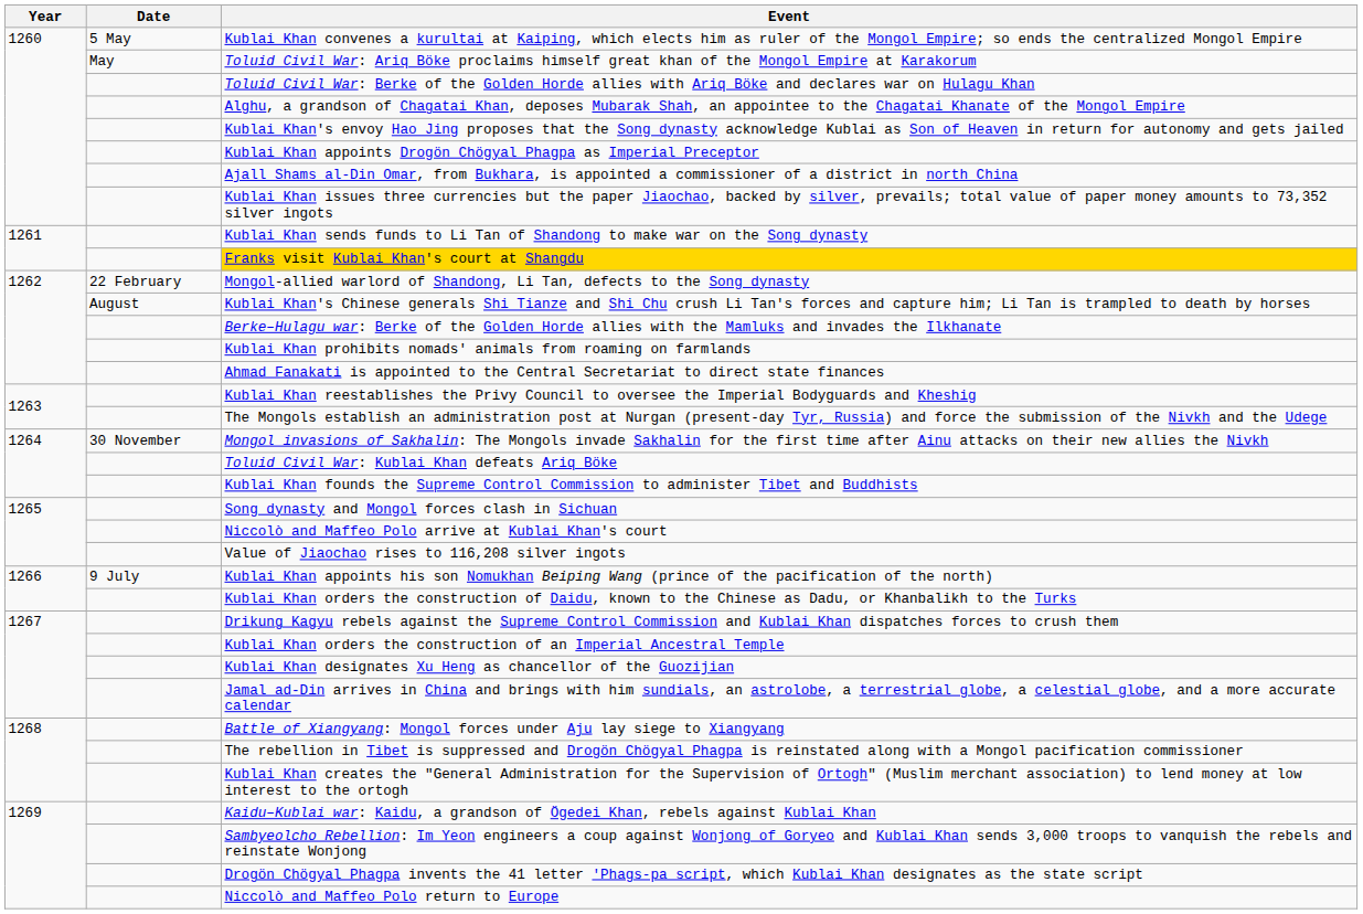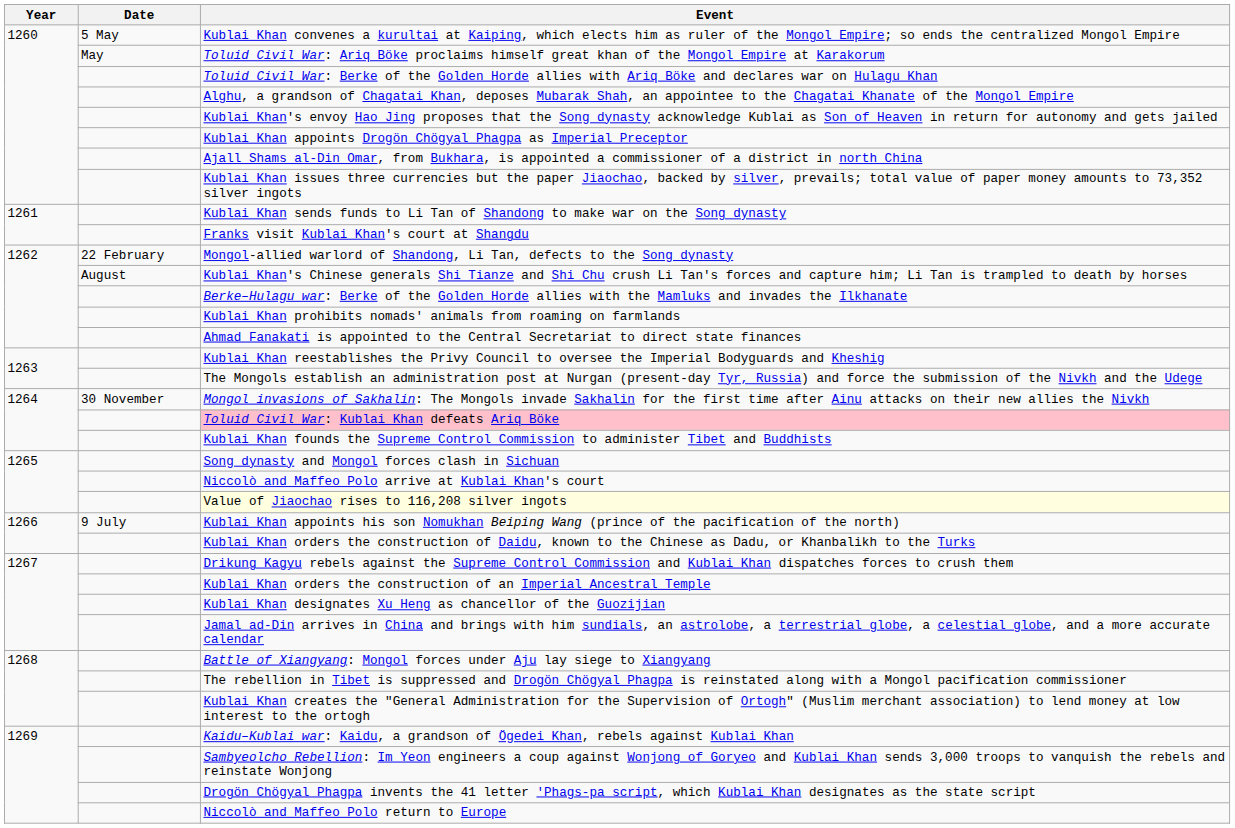 <table class="wikitable" style="width:100%;">
 <tr>
 <th style="width:6%">Year</th>
 <th style="width:10%">Date</th>
 <th>Event</th>
 </tr>
 <tr>
 <td rowspan="8" style="vertical-align:top;">1260</td>
 <td>5 May</td>
 <td><a href='#'>Kublai Khan</a> convenes a <a href='#'>kurultai</a> at <a href='#'>Kaiping</a>, which elects him as ruler of the <a href='#'>Mongol Empire</a>; so ends the centralized Mongol Empire</td>
 </tr>
 <tr>
 <td>May</td>
 <td><em><a href='#'>Toluid Civil War</a></em>: <a href='#'>Ariq Böke</a> proclaims himself great khan of the <a href='#'>Mongol Empire</a> at <a href='#'>Karakorum</a></td>
 </tr>
 <tr>
 <td></td>
 <td><em><a href='#'>Toluid Civil War</a></em>: <a href='#'>Berke</a> of the <a href='#'>Golden Horde</a> allies with <a href='#'>Ariq Böke</a> and declares war on <a href='#'>Hulagu Khan</a></td>
 </tr>
 <tr>
 <td></td>
 <td><a href='#'>Alghu</a>, a grandson of <a href='#'>Chagatai Khan</a>, deposes <a href='#'>Mubarak Shah</a>, an appointee to the <a href='#'>Chagatai Khanate</a> of the <a href='#'>Mongol Empire</a></td>
 </tr>
 <tr>
 <td></td>
 <td><a href='#'>Kublai Khan</a>'s envoy <a href='#'>Hao Jing</a> proposes that the <a href='#'>Song dynasty</a> acknowledge Kublai as <a href='#'>Son of Heaven</a> in return for autonomy and gets jailed</td>
 </tr>
 <tr>
 <td></td>
 <td><a href='#'>Kublai Khan</a> appoints <a href='#'>Drogön Chögyal Phagpa</a> as <a href='#'>Imperial Preceptor</a></td>
 </tr>
 <tr>
 <td></td>
 <td><a href='#'>Ajall Shams al-Din Omar</a>, from <a href='#'>Bukhara</a>, is appointed a commissioner of a district in <a href='#'>north China</a></td>
 </tr>
 <tr>
 <td></td>
 <td><a href='#'>Kublai Khan</a> issues three currencies but the paper <a href='#'>Jiaochao</a>, backed by <a href='#'>silver</a>, prevails; total value of paper money amounts to 73,352 silver ingots</td>
 </tr>
 <tr>
 <td rowspan="2" style="vertical-align:top;">1261</td>
 <td></td>
 <td><a href='#'>Kublai Khan</a> sends funds to Li Tan of <a href='#'>Shandong</a> to make war on the <a href='#'>Song dynasty</a></td>
 </tr>
 <tr>
 <td></td>
-<td style="background: gold;"><a href='#'>Franks</a> visit <a href='#'>Kublai Khan</a>'s court at <a href='#'>Shangdu</a></td>
+<td><a href='#'>Franks</a> visit <a href='#'>Kublai Khan</a>'s court at <a href='#'>Shangdu</a></td>
 </tr>
 <tr>
 <td rowspan="5" style="vertical-align:top;">1262</td>
 <td>22 February</td>
 <td><a href='#'>Mongol</a>-allied warlord of <a href='#'>Shandong</a>, Li Tan, defects to the <a href='#'>Song dynasty</a></td>
 </tr>
 <tr>
 <td>August</td>
 <td><a href='#'>Kublai Khan</a>'s Chinese generals <a href='#'>Shi Tianze</a> and <a href='#'>Shi Chu</a> crush Li Tan's forces and capture him; Li Tan is trampled to death by horses</td>
 </tr>
 <tr>
 <td></td>
 <td><em><a href='#'>Berke–Hulagu war</a></em>: <a href='#'>Berke</a> of the <a href='#'>Golden Horde</a> allies with the <a href='#'>Mamluks</a> and invades the <a href='#'>Ilkhanate</a></td>
 </tr>
 <tr>
 <td></td>
 <td><a href='#'>Kublai Khan</a> prohibits nomads' animals from roaming on farmlands</td>
 </tr>
 <tr>
 <td></td>
 <td><a href='#'>Ahmad Fanakati</a> is appointed to the Central Secretariat to direct state finances</td>
 </tr>
 <tr>
 <td rowspan="2">1263</td>
 <td></td>
 <td><a href='#'>Kublai Khan</a> reestablishes the Privy Council to oversee the Imperial Bodyguards and <a href='#'>Kheshig</a></td>
 </tr>
 <tr>
 <td></td>
 <td>The Mongols establish an administration post at Nurgan (present-day <a href='#'>Tyr, Russia</a>) and force the submission of the <a href='#'>Nivkh</a> and the <a href='#'>Udege</a></td>
 </tr>
 <tr>
 <td rowspan="3" style="vertical-align:top;">1264</td>
 <td>30 November</td>
 <td><em><a href='#'>Mongol invasions of Sakhalin</a></em>: The Mongols invade <a href='#'>Sakhalin</a> for the first time after <a href='#'>Ainu</a> attacks on their new allies the <a href='#'>Nivkh</a></td>
 </tr>
 <tr>
 <td></td>
-<td><em><a href='#'>Toluid Civil War</a></em>: <a href='#'>Kublai Khan</a> defeats <a href='#'>Ariq Böke</a></td>
+<td style="background: pink;"><em><a href='#'>Toluid Civil War</a></em>: <a href='#'>Kublai Khan</a> defeats <a href='#'>Ariq Böke</a></td>
 </tr>
 <tr>
 <td></td>
 <td><a href='#'>Kublai Khan</a> founds the <a href='#'>Supreme Control Commission</a> to administer <a href='#'>Tibet</a> and <a href='#'>Buddhists</a></td>
 </tr>
 <tr>
 <td rowspan="3" style="vertical-align:top;">1265</td>
 <td></td>
 <td><a href='#'>Song dynasty</a> and <a href='#'>Mongol</a> forces clash in <a href='#'>Sichuan</a></td>
 </tr>
 <tr>
 <td></td>
 <td><a href='#'>Niccolò and Maffeo Polo</a> arrive at <a href='#'>Kublai Khan</a>'s court</td>
 </tr>
 <tr>
 <td></td>
-<td>Value of <a href='#'>Jiaochao</a> rises to 116,208 silver ingots</td>
+<td style="background: lightyellow;">Value of <a href='#'>Jiaochao</a> rises to 116,208 silver ingots</td>
 </tr>
 <tr>
 <td rowspan="2" style="vertical-align:top;">1266</td>
 <td>9 July</td>
 <td><a href='#'>Kublai Khan</a> appoints his son <a href='#'>Nomukhan</a> <em>Beiping Wang</em> (prince of the pacification of the north)</td>
 </tr>
 <tr>
 <td></td>
 <td><a href='#'>Kublai Khan</a> orders the construction of <a href='#'>Daidu</a>, known to the Chinese as Dadu, or Khanbalikh to the <a href='#'>Turks</a></td>
 </tr>
 <tr>
 <td rowspan="4" style="vertical-align:top;">1267</td>
 <td></td>
 <td><a href='#'>Drikung Kagyu</a> rebels against the <a href='#'>Supreme Control Commission</a> and <a href='#'>Kublai Khan</a> dispatches forces to crush them</td>
 </tr>
 <tr>
 <td></td>
 <td><a href='#'>Kublai Khan</a> orders the construction of an <a href='#'>Imperial Ancestral Temple</a></td>
 </tr>
 <tr>
 <td></td>
 <td><a href='#'>Kublai Khan</a> designates <a href='#'>Xu Heng</a> as chancellor of the <a href='#'>Guozijian</a></td>
 </tr>
 <tr>
 <td></td>
 <td><a href='#'>Jamal ad-Din</a> arrives in <a href='#'>China</a> and brings with him <a href='#'>sundials</a>, an <a href='#'>astrolobe</a>, a <a href='#'>terrestrial globe</a>, a <a href='#'>celestial globe</a>, and a more accurate <a href='#'>calendar</a></td>
 </tr>
 <tr>
 <td rowspan="3" style="vertical-align:top;">1268</td>
 <td></td>
 <td><em><a href='#'>Battle of Xiangyang</a></em>: <a href='#'>Mongol</a> forces under <a href='#'>Aju</a> lay siege to <a href='#'>Xiangyang</a></td>
 </tr>
 <tr>
 <td></td>
 <td>The rebellion in <a href='#'>Tibet</a> is suppressed and <a href='#'>Drogön Chögyal Phagpa</a> is reinstated along with a Mongol pacification commissioner</td>
 </tr>
 <tr>
 <td></td>
 <td><a href='#'>Kublai Khan</a> creates the "General Administration for the Supervision of <a href='#'>Ortogh</a>" (Muslim merchant association) to lend money at low interest to the ortogh</td>
 </tr>
 <tr>
 <td rowspan="4" style="vertical-align:top;">1269</td>
 <td></td>
 <td><em><a href='#'>Kaidu–Kublai war</a></em>: <a href='#'>Kaidu</a>, a grandson of <a href='#'>Ögedei Khan</a>, rebels against <a href='#'>Kublai Khan</a></td>
 </tr>
 <tr>
 <td></td>
 <td><em><a href='#'>Sambyeolcho Rebellion</a></em>: <a href='#'>Im Yeon</a> engineers a coup against <a href='#'>Wonjong of Goryeo</a> and <a href='#'>Kublai Khan</a> sends 3,000 troops to vanquish the rebels and reinstate Wonjong</td>
 </tr>
 <tr>
 <td></td>
 <td><a href='#'>Drogön Chögyal Phagpa</a> invents the 41 letter <a href='#'>'Phags-pa script</a>, which <a href='#'>Kublai Khan</a> designates as the state script</td>
 </tr>
 <tr>
 <td></td>
 <td><a href='#'>Niccolò and Maffeo Polo</a> return to <a href='#'>Europe</a></td>
 </tr>
 </table>
